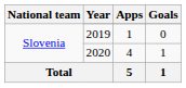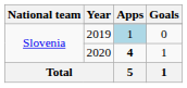 <table class="wikitable" style="text-align:center">
 <tr>
 <th>National team</th>
 <th>Year</th>
 <th>Apps</th>
 <th>Goals</th>
 </tr>
 <tr>
 <td rowspan=3><a href='#'>Slovenia</a></td>
 </tr>
 <tr>
 <td>2019</td>
-<td>1</td>
+<td style="background: lightblue;">1</td>
 <td>0</td>
 </tr>
 <tr>
 <td>2020</td>
-<td>4</td>
+<td><strong>4</strong></td>
 <td>1</td>
 </tr>
 <tr>
 <th colspan=2>Total</th>
 <th>5</th>
 <th>1</th>
 </tr>
 </table>
